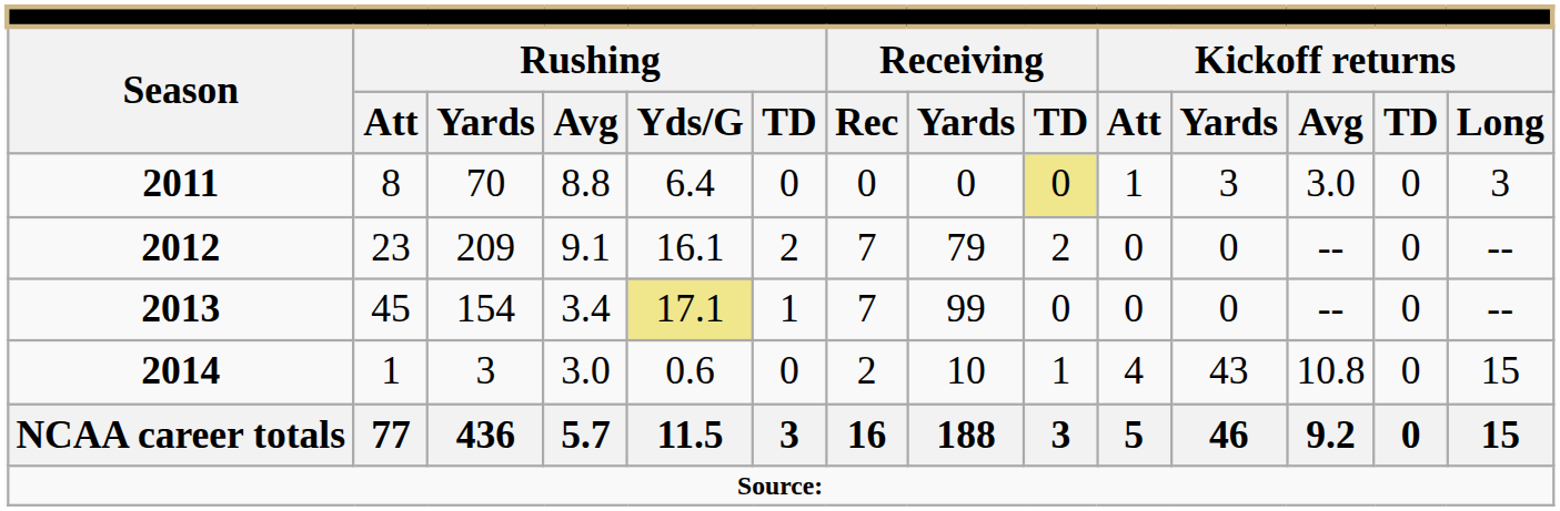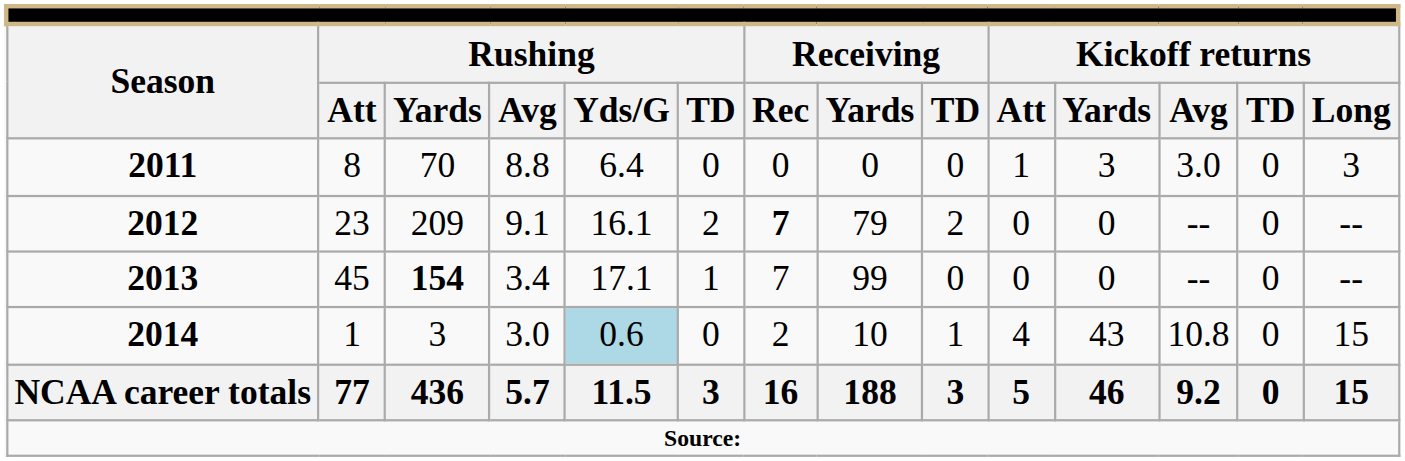 <table class=wikitable style="text-align:center;">
 <tr>
 <td ! colspan="15" style="background: #000000; border: 2px solid #CEB888; color:#CEB888;"></td>
 </tr>
 <tr>
 <th rowspan=2>Season</th>
 <th colspan=5>Rushing</th>
 <th colspan=3>Receiving</th>
 <th colspan=5>Kickoff returns</th>
 </tr>
 <tr>
 <th>Att</th>
 <th>Yards</th>
 <th>Avg</th>
 <th>Yds/G</th>
 <th>TD</th>
 <th>Rec</th>
 <th>Yards</th>
 <th>TD</th>
 <th>Att</th>
 <th>Yards</th>
 <th>Avg</th>
 <th>TD</th>
 <th>Long</th>
 </tr>
 <tr>
 <td><strong>2011</strong></td>
 <td>8</td>
 <td>70</td>
 <td>8.8</td>
 <td>6.4</td>
 <td>0</td>
 <td>0</td>
 <td>0</td>
-<td style="background: khaki;">0</td>
+<td>0</td>
 <td>1</td>
 <td>3</td>
 <td>3.0</td>
 <td>0</td>
 <td>3</td>
 </tr>
 <tr>
 <td><strong>2012</strong></td>
 <td>23</td>
 <td>209</td>
 <td>9.1</td>
 <td>16.1</td>
 <td>2</td>
-<td>7</td>
+<td><strong>7</strong></td>
 <td>79</td>
 <td>2</td>
 <td>0</td>
 <td>0</td>
 <td>--</td>
 <td>0</td>
 <td>--</td>
 </tr>
 <tr>
 <td><strong>2013</strong></td>
 <td>45</td>
-<td>154</td>
+<td><strong>154</strong></td>
 <td>3.4</td>
-<td style="background: khaki;">17.1</td>
+<td>17.1</td>
 <td>1</td>
 <td>7</td>
 <td>99</td>
 <td>0</td>
 <td>0</td>
 <td>0</td>
 <td>--</td>
 <td>0</td>
 <td>--</td>
 </tr>
 <tr>
 <td><strong>2014</strong></td>
 <td>1</td>
 <td>3</td>
 <td>3.0</td>
-<td>0.6</td>
+<td style="background: lightblue;">0.6</td>
 <td>0</td>
 <td>2</td>
 <td>10</td>
 <td>1</td>
 <td>4</td>
 <td>43</td>
 <td>10.8</td>
 <td>0</td>
 <td>15</td>
 </tr>
 <tr>
 <th>NCAA career totals</th>
 <th>77</th>
 <th>436</th>
 <th>5.7</th>
 <th>11.5</th>
 <th>3</th>
 <th>16</th>
 <th>188</th>
 <th>3</th>
 <th>5</th>
 <th>46</th>
 <th>9.2</th>
 <th>0</th>
 <th>15</th>
 </tr>
 <tr>
 <td colspan="14"  style="font-size:8pt;"><strong>Source:</strong></td>
 </tr>
 </table>
